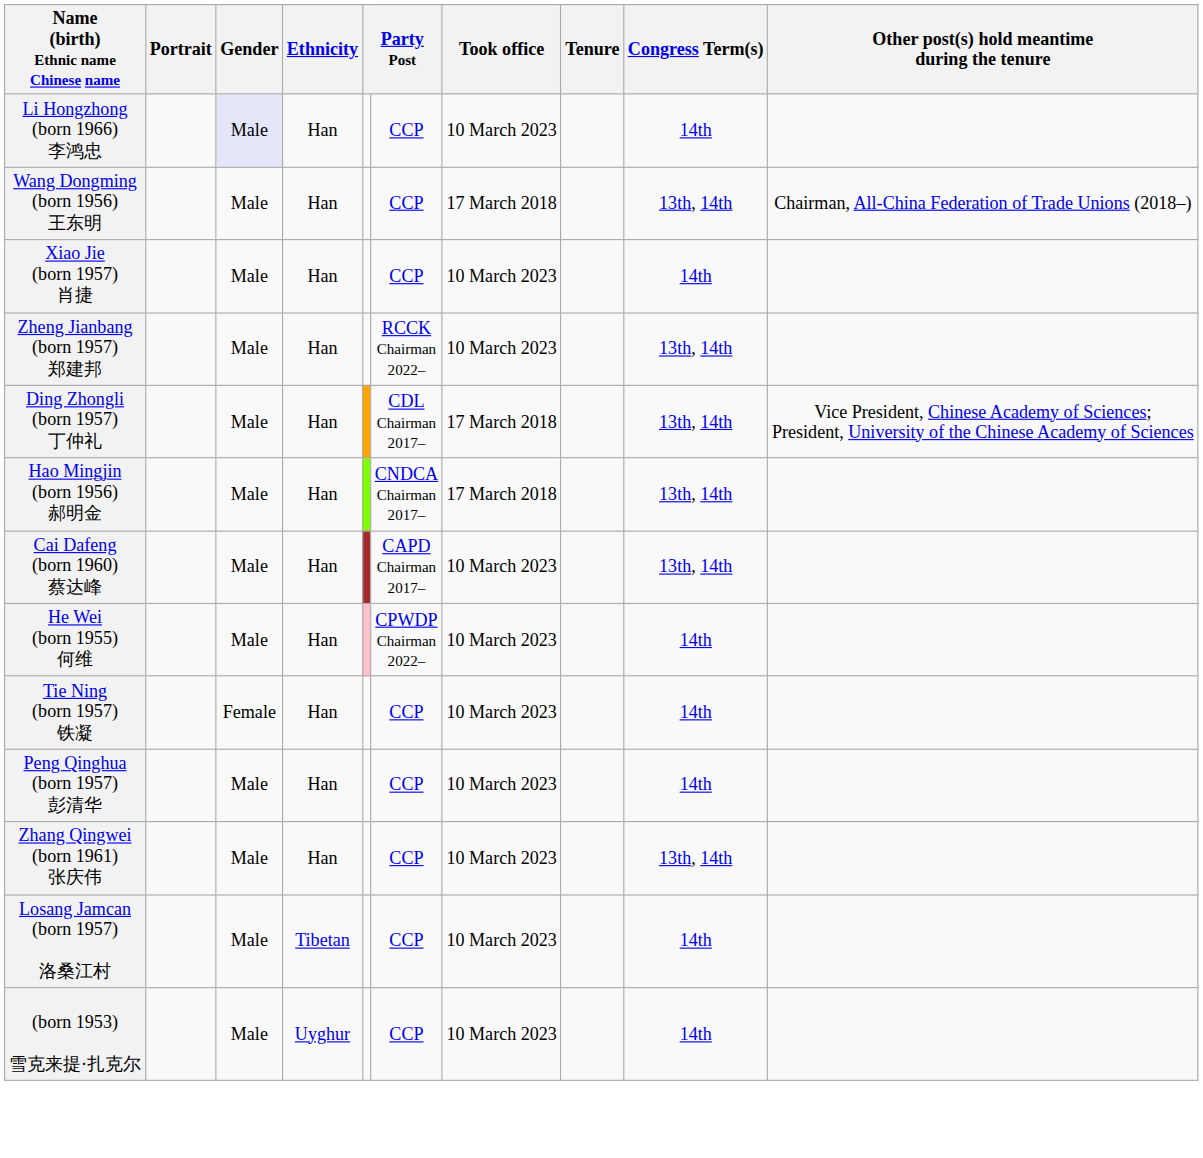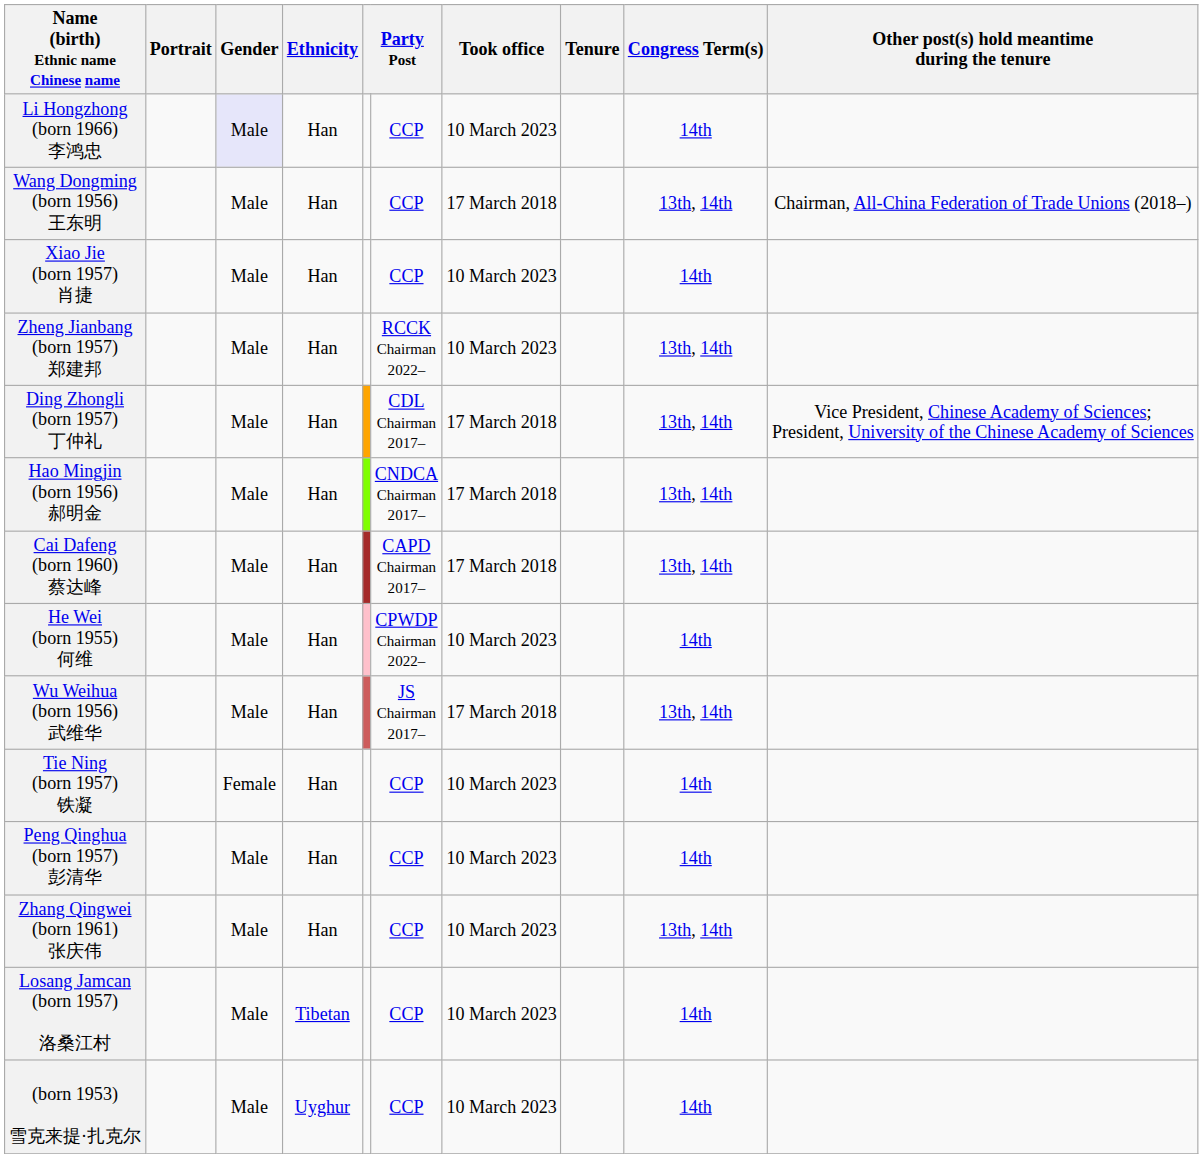 <table class="wikitable sortable" style="text-align: center;">
 <tr>
 <th scope="col">Name<br>(birth)<br><small>Ethnic name<br><a href='#'>Chinese</a> <a href='#'>name</a></small></th>
 <th scope="col" class="unsortable">Portrait</th>
 <th scope="col">Gender</th>
 <th scope="col"><a href='#'>Ethnicity</a></th>
 <th colspan="2" scope="col"><a href='#'>Party</a><br><small>Post</small></th>
 <th scope="col">Took office</th>
 <th scope="col">Tenure</th>
 <th scope="col"><a href='#'>Congress</a> Term(s)</th>
 <th scope="col">Other post(s) hold meantime<br>during the tenure</th>
 </tr>
 <tr>
 <th scope="row" style="font-weight:normal;"><a href='#'>Li Hongzhong</a><br>(born 1966)<br>李鸿忠</th>
 <td></td>
 <td style="background: lavender;">Male</td>
 <td>Han</td>
 <td></td>
 <td><a href='#'>CCP</a></td>
 <td>10 March 2023</td>
 <td></td>
 <td data-sort-value="14"><a href='#'>14th</a></td>
 <td></td>
 </tr>
 <tr>
 <th scope="row" style="font-weight:normal;"><a href='#'>Wang Dongming</a><br>(born 1956)<br>王东明</th>
 <td></td>
 <td>Male</td>
 <td>Han</td>
 <td bgcolor=></td>
 <td><a href='#'>CCP</a></td>
 <td>17 March 2018</td>
 <td></td>
 <td data-sort-value="13"><a href='#'>13th</a>, <a href='#'>14th</a></td>
 <td>Chairman, <a href='#'>All-China Federation of Trade Unions</a> (2018–)</td>
 </tr>
 <tr>
 <th scope="row" style="font-weight:normal;"><a href='#'>Xiao Jie</a><br>(born 1957)<br>肖捷</th>
 <td></td>
 <td>Male</td>
 <td>Han</td>
 <td></td>
 <td><a href='#'>CCP</a></td>
 <td>10 March 2023</td>
 <td></td>
 <td data-sort-value="14"><a href='#'>14th</a></td>
 <td></td>
 </tr>
 <tr>
 <th scope="row" style="font-weight:normal;"><a href='#'>Zheng Jianbang</a><br>(born 1957)<br>郑建邦</th>
 <td></td>
 <td>Male</td>
 <td>Han</td>
 <td></td>
 <td><a href='#'>RCCK</a><br><small>Chairman<br>2022–</small></td>
 <td>10 March 2023</td>
 <td></td>
 <td data-sort-value="13"><a href='#'>13th</a>, <a href='#'>14th</a></td>
 <td></td>
 </tr>
 <tr>
 <th scope="row" style="font-weight:normal;"><a href='#'>Ding Zhongli</a><br>(born 1957)<br>丁仲礼</th>
 <td></td>
 <td>Male</td>
 <td>Han</td>
 <td bgcolor=orange></td>
 <td><a href='#'>CDL</a><br><small>Chairman<br>2017–</small></td>
 <td>17 March 2018</td>
 <td></td>
 <td data-sort-value="13"><a href='#'>13th</a>, <a href='#'>14th</a></td>
 <td>Vice President, <a href='#'>Chinese Academy of Sciences</a>;<br>President, <a href='#'>University of the Chinese Academy of Sciences</a></td>
 </tr>
 <tr>
 <th scope="row" style="font-weight:normal;"><a href='#'>Hao Mingjin</a><br>(born 1956)<br>郝明金</th>
 <td></td>
 <td>Male</td>
 <td>Han</td>
 <td bgcolor=Chartreuse></td>
 <td><a href='#'>CNDCA</a><br><small>Chairman<br>2017–</small></td>
 <td>17 March 2018</td>
 <td></td>
 <td data-sort-value="13"><a href='#'>13th</a>, <a href='#'>14th</a></td>
 <td></td>
 </tr>
 <tr>
 <th scope="row" style="font-weight:normal;"><a href='#'>Cai Dafeng</a><br>(born 1960)<br>蔡达峰</th>
 <td></td>
 <td>Male</td>
 <td>Han</td>
 <td bgcolor=brown></td>
 <td><a href='#'>CAPD</a><br><small>Chairman<br>2017–</small></td>
-<td>10 March 2023</td>
+<td>17 March 2018</td>
 <td></td>
 <td data-sort-value="13"><a href='#'>13th</a>, <a href='#'>14th</a></td>
 <td></td>
 </tr>
 <tr>
 <th scope="row" style="font-weight:normal;"><a href='#'>He Wei</a><br>(born 1955)<br>何维</th>
 <td></td>
 <td>Male</td>
 <td>Han</td>
 <td bgcolor="pink"></td>
 <td><a href='#'>CPWDP</a><br><small>Chairman<br>2022–</small></td>
 <td>10 March 2023</td>
 <td></td>
 <td data-sort-value="14"><a href='#'>14th</a></td>
+<td></td>
+</tr>
+<tr>
+<th scope="row" style="font-weight:normal;"><a href='#'>Wu Weihua</a><br>(born 1956)<br>武维华</th>
+<td></td>
+<td>Male</td>
+<td>Han</td>
+<td bgcolor=IndianRed></td>
+<td><a href='#'>JS</a><br><small>Chairman<br>2017–</small></td>
+<td>17 March 2018</td>
+<td></td>
+<td data-sort-value="13"><a href='#'>13th</a>, <a href='#'>14th</a></td>
 <td></td>
 </tr>
 <tr>
 <th scope="row" style="font-weight:normal;"><a href='#'>Tie Ning</a><br>(born 1957)<br>铁凝</th>
 <td></td>
 <td>Female</td>
 <td>Han</td>
 <td bgcolor=></td>
 <td><a href='#'>CCP</a></td>
 <td>10 March 2023</td>
 <td></td>
 <td data-sort-value="14"><a href='#'>14th</a></td>
 <td></td>
 </tr>
 <tr>
 <th scope="row" style="font-weight:normal;"><a href='#'>Peng Qinghua</a><br>(born 1957)<br>彭清华</th>
 <td></td>
 <td>Male</td>
 <td>Han</td>
 <td bgcolor=></td>
 <td><a href='#'>CCP</a></td>
 <td>10 March 2023</td>
 <td></td>
 <td data-sort-value="14"><a href='#'>14th</a></td>
 <td></td>
 </tr>
 <tr>
 <th scope="row" style="font-weight:normal;"><a href='#'>Zhang Qingwei</a><br>(born 1961)<br>张庆伟</th>
 <td></td>
 <td>Male</td>
 <td>Han</td>
 <td bgcolor=></td>
 <td><a href='#'>CCP</a></td>
 <td>10 March 2023</td>
 <td></td>
 <td data-sort-value="13"><a href='#'>13th</a>, <a href='#'>14th</a></td>
 <td></td>
 </tr>
 <tr>
 <th scope="row" style="font-weight:normal;"><a href='#'>Losang Jamcan</a><br>(born 1957)<br><br>洛桑江村</th>
 <td></td>
 <td>Male</td>
 <td><a href='#'>Tibetan</a></td>
 <td bgcolor=></td>
 <td><a href='#'>CCP</a></td>
 <td>10 March 2023</td>
 <td></td>
 <td data-sort-value="14"><a href='#'>14th</a></td>
 <td></td>
 </tr>
 <tr>
 <th scope="row" style="font-weight:normal;"><br>(born 1953)<br><br>雪克来提·扎克尔</th>
 <td></td>
 <td>Male</td>
 <td><a href='#'>Uyghur</a></td>
 <td bgcolor=></td>
 <td><a href='#'>CCP</a></td>
 <td>10 March 2023</td>
 <td></td>
 <td data-sort-value="14"><a href='#'>14th</a></td>
 <td></td>
 </tr>
 </table>
